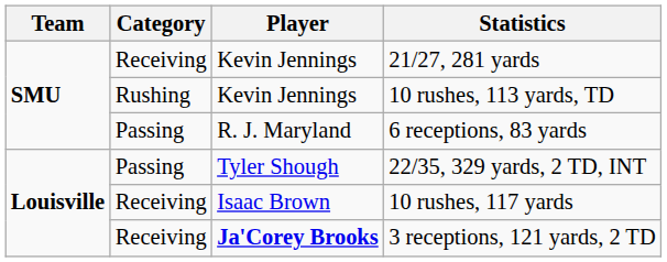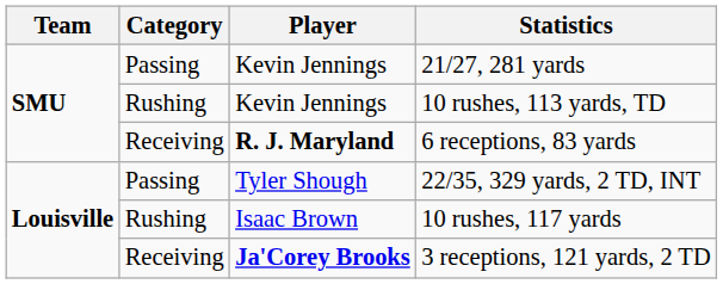 <table class="wikitable" style="float: right;">
 <tr>
 <th>Team</th>
 <th>Category</th>
 <th>Player</th>
 <th>Statistics</th>
 </tr>
 <tr>
 <td rowspan=3><strong>SMU</strong></td>
-<td>Receiving</td>
+<td>Passing</td>
 <td>Kevin Jennings</td>
 <td>21/27, 281 yards</td>
 </tr>
 <tr>
 <td>Rushing</td>
 <td>Kevin Jennings</td>
 <td>10 rushes, 113 yards, TD</td>
 </tr>
 <tr>
-<td>Passing</td>
-<td>R. J. Maryland</td>
+<td>Receiving</td>
+<td><strong>R. J. Maryland</strong></td>
 <td>6 receptions, 83 yards</td>
 </tr>
 <tr>
 <td rowspan=3><strong>Louisville</strong></td>
 <td>Passing</td>
 <td><a href='#'>Tyler Shough</a></td>
 <td>22/35, 329 yards, 2 TD, INT</td>
 </tr>
 <tr>
-<td>Receiving</td>
+<td>Rushing</td>
 <td><a href='#'>Isaac Brown</a></td>
 <td>10 rushes, 117 yards</td>
 </tr>
 <tr>
 <td>Receiving</td>
 <td><strong><a href='#'>Ja'Corey Brooks</a></strong></td>
 <td>3 receptions, 121 yards, 2 TD</td>
 </tr>
 </table>
